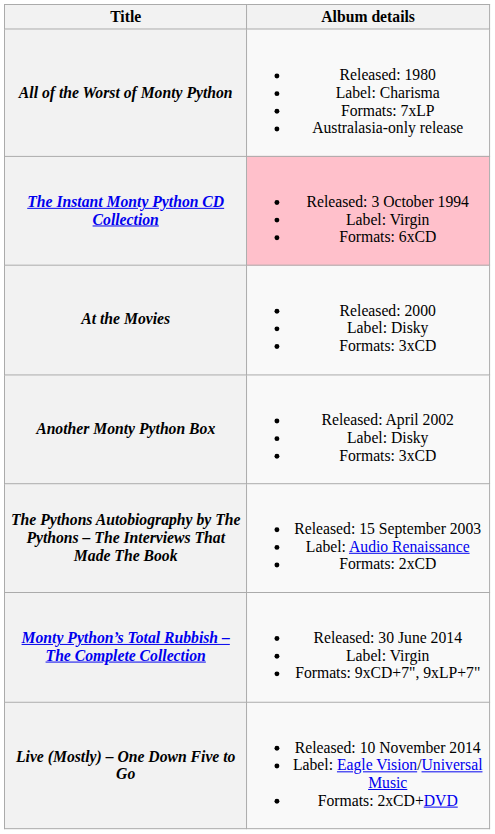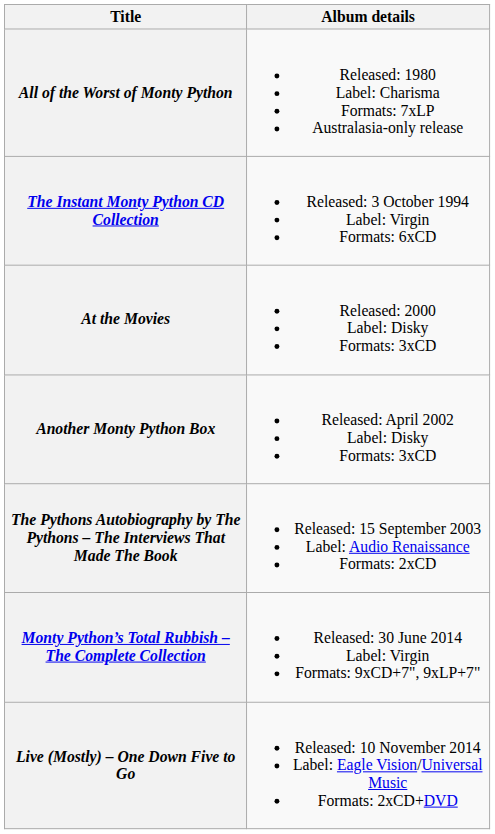 <table class="wikitable plainrowheaders" style="text-align:center;">
 <tr>
 <th scope="col" style="width:15em;">Title</th>
 <th scope="col" style="width:15em;">Album details</th>
 </tr>
 <tr>
 <th scope="row"><em>All of the Worst of Monty Python</em></th>
 <td><br><ul><li>Released: 1980</li><li>Label: Charisma</li><li>Formats: 7xLP</li><li>Australasia-only release</li></ul></td>
 </tr>
 <tr>
 <th scope="row"><em><a href='#'>The Instant Monty Python CD Collection</a></em></th>
-<td style="background: pink;"><br><ul><li>Released: 3 October 1994</li><li>Label: Virgin</li><li>Formats: 6xCD</li></ul></td>
+<td><br><ul><li>Released: 3 October 1994</li><li>Label: Virgin</li><li>Formats: 6xCD</li></ul></td>
 </tr>
 <tr>
 <th scope="row"><em>At the Movies</em></th>
 <td><br><ul><li>Released: 2000</li><li>Label: Disky</li><li>Formats: 3xCD</li></ul></td>
 </tr>
 <tr>
 <th scope="row"><em>Another Monty Python Box</em></th>
 <td><br><ul><li>Released: April 2002</li><li>Label: Disky</li><li>Formats: 3xCD</li></ul></td>
 </tr>
 <tr>
 <th scope="row"><em>The Pythons Autobiography by The Pythons – The Interviews That Made The Book</em></th>
 <td><br><ul><li>Released: 15 September 2003</li><li>Label: <a href='#'>Audio Renaissance</a></li><li>Formats: 2xCD</li></ul></td>
 </tr>
 <tr>
 <th scope="row"><em><a href='#'>Monty Python’s Total Rubbish – The Complete Collection</a></em></th>
 <td><br><ul><li>Released: 30 June 2014</li><li>Label: Virgin</li><li>Formats: 9xCD+7", 9xLP+7"</li></ul></td>
 </tr>
 <tr>
 <th scope="row"><em>Live (Mostly) – One Down Five to Go</em></th>
 <td><br><ul><li>Released: 10 November 2014</li><li>Label: <a href='#'>Eagle Vision</a>/<a href='#'>Universal Music</a></li><li>Formats: 2xCD+<a href='#'>DVD</a></li></ul></td>
 </tr>
 </table>
